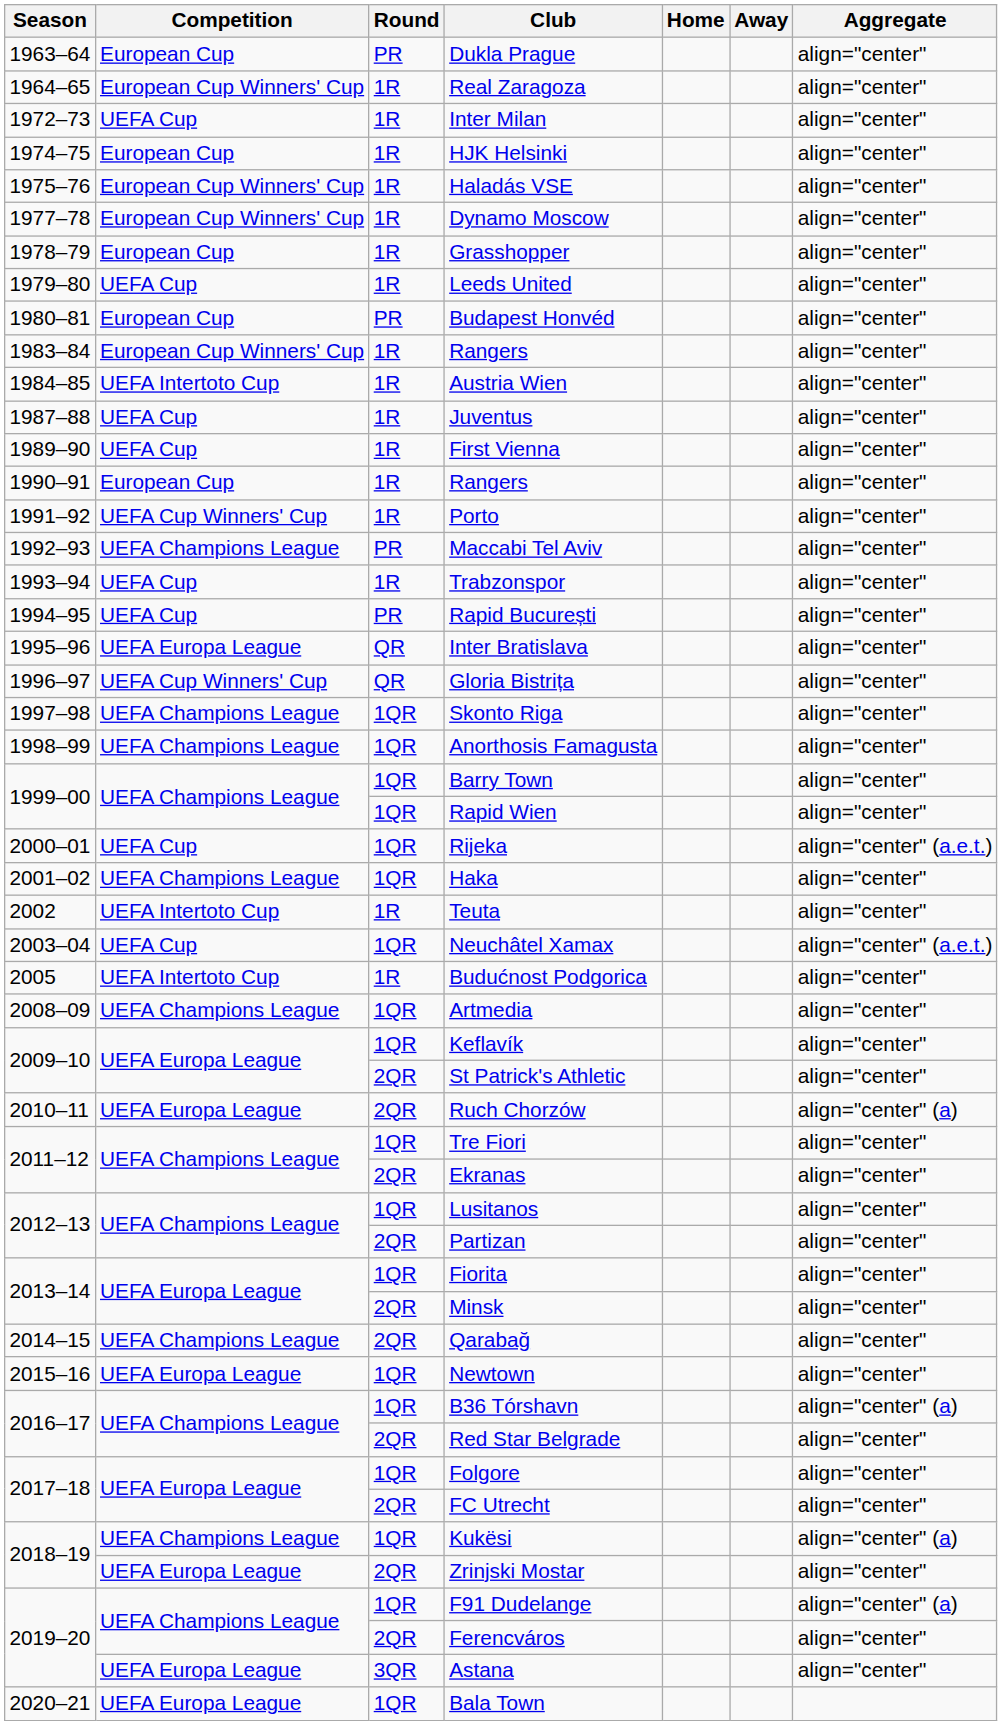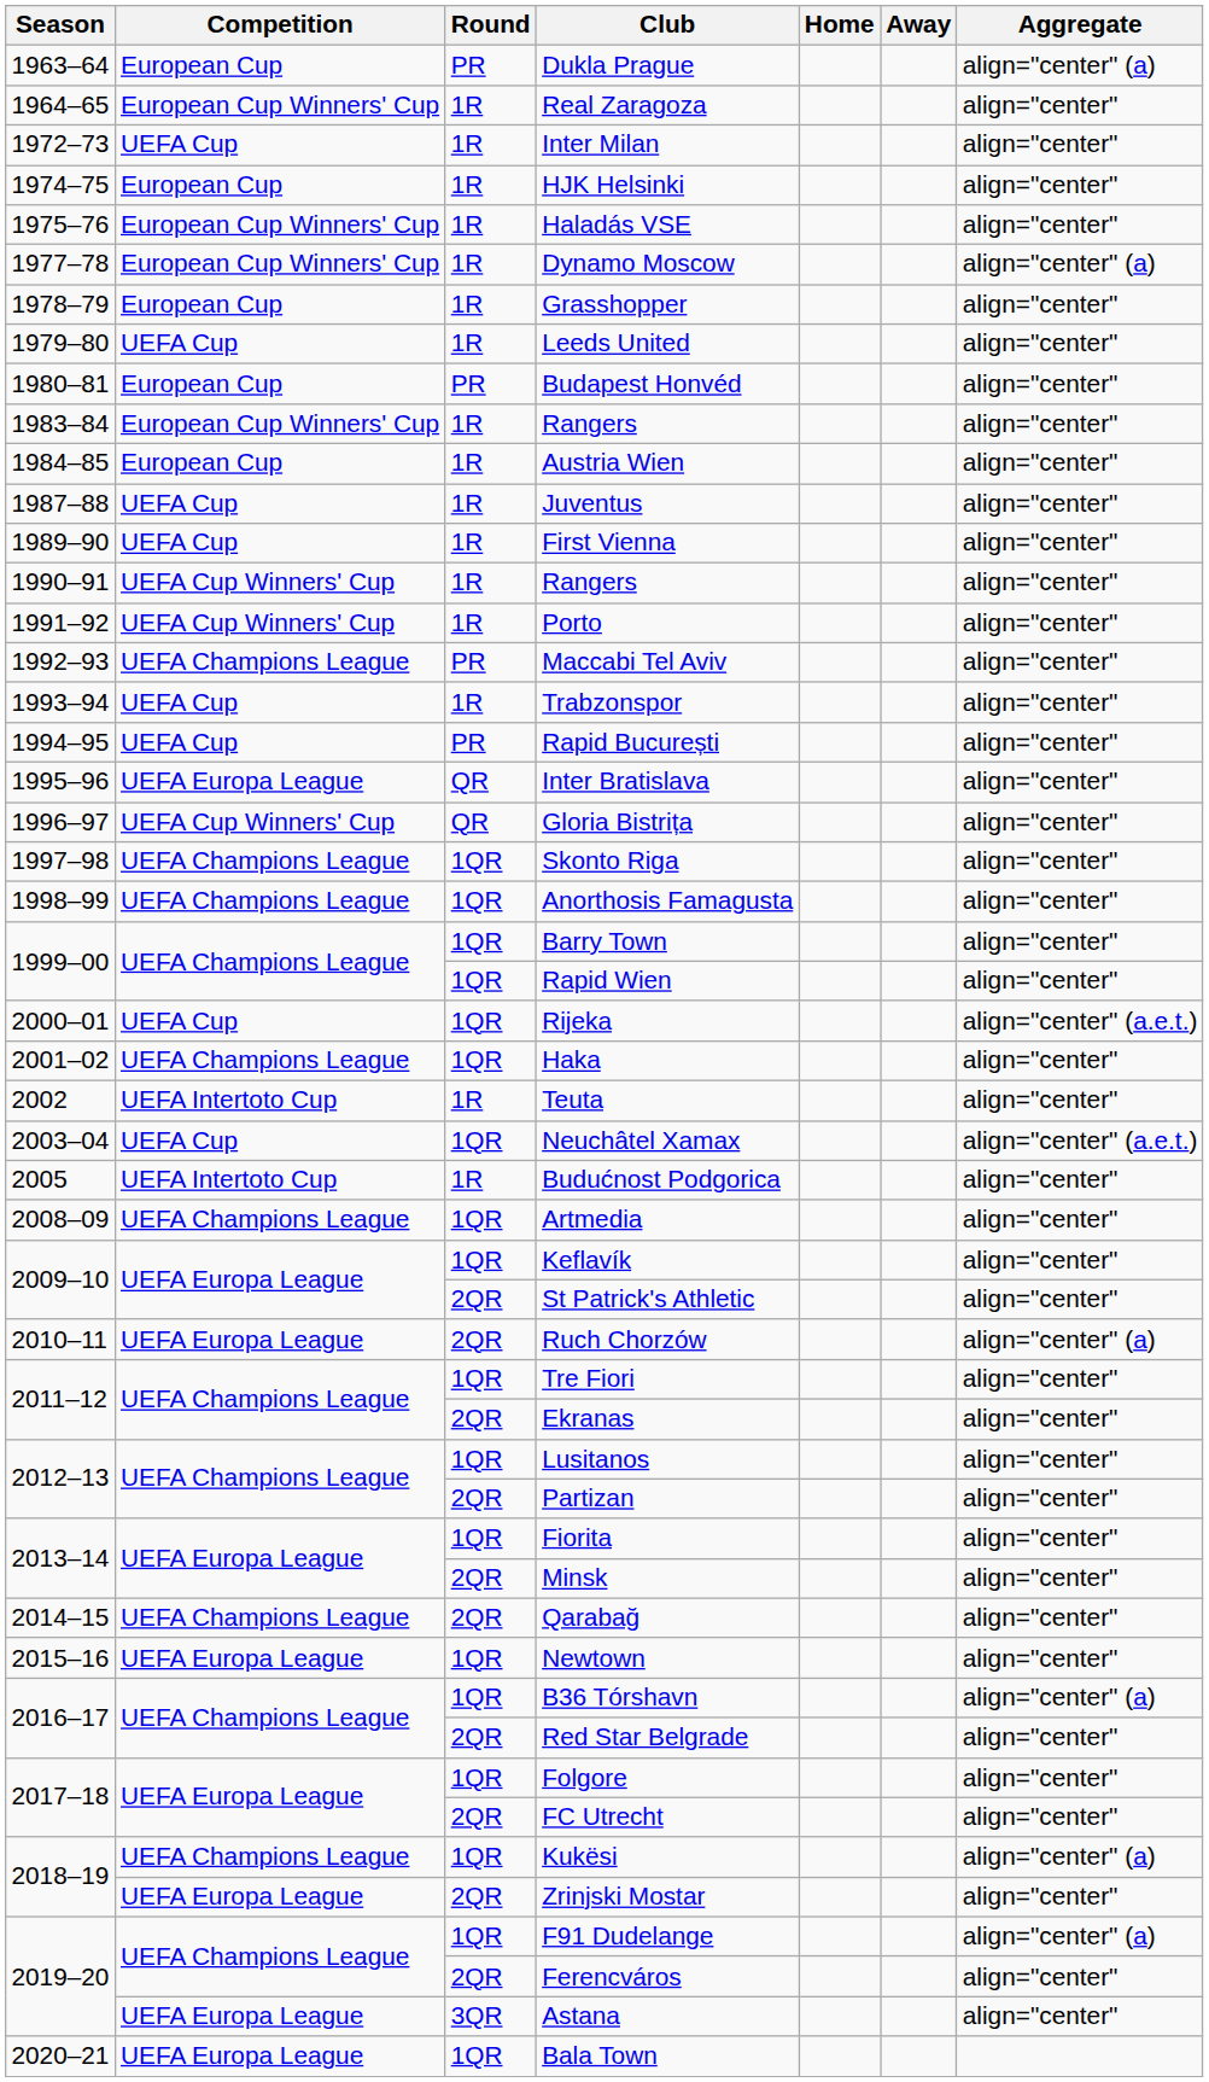 <table class="wikitable">
 <tr>
 <th>Season</th>
 <th>Competition</th>
 <th>Round</th>
 <th>Club</th>
 <th>Home</th>
 <th>Away</th>
 <th>Aggregate</th>
 </tr>
 <tr>
 <td>1963–64</td>
 <td><a href='#'>European Cup</a></td>
 <td><a href='#'>PR</a></td>
 <td> <a href='#'>Dukla Prague</a></td>
 <td></td>
 <td></td>
-<td>align="center"</td>
+<td>align="center" (<a href='#'>a</a>)</td>
 </tr>
 <tr>
 <td>1964–65</td>
 <td><a href='#'>European Cup Winners' Cup</a></td>
 <td><a href='#'>1R</a></td>
 <td> <a href='#'>Real Zaragoza</a></td>
 <td></td>
 <td></td>
 <td>align="center"</td>
 </tr>
 <tr>
 <td>1972–73</td>
 <td><a href='#'>UEFA Cup</a></td>
 <td><a href='#'>1R</a></td>
 <td> <a href='#'>Inter Milan</a></td>
 <td></td>
 <td></td>
 <td>align="center"</td>
 </tr>
 <tr>
 <td>1974–75</td>
 <td><a href='#'>European Cup</a></td>
 <td><a href='#'>1R</a></td>
 <td> <a href='#'>HJK Helsinki</a></td>
 <td></td>
 <td></td>
 <td>align="center"</td>
 </tr>
 <tr>
 <td>1975–76</td>
 <td><a href='#'>European Cup Winners' Cup</a></td>
 <td><a href='#'>1R</a></td>
 <td> <a href='#'>Haladás VSE</a></td>
 <td></td>
 <td></td>
 <td>align="center"</td>
 </tr>
 <tr>
 <td>1977–78</td>
 <td><a href='#'>European Cup Winners' Cup</a></td>
 <td><a href='#'>1R</a></td>
 <td> <a href='#'>Dynamo Moscow</a></td>
 <td></td>
 <td></td>
-<td>align="center"</td>
+<td>align="center" (<a href='#'>a</a>)</td>
 </tr>
 <tr>
 <td>1978–79</td>
 <td><a href='#'>European Cup</a></td>
 <td><a href='#'>1R</a></td>
 <td> <a href='#'>Grasshopper</a></td>
 <td></td>
 <td></td>
 <td>align="center"</td>
 </tr>
 <tr>
 <td>1979–80</td>
 <td><a href='#'>UEFA Cup</a></td>
 <td><a href='#'>1R</a></td>
 <td> <a href='#'>Leeds United</a></td>
 <td></td>
 <td></td>
 <td>align="center"</td>
 </tr>
 <tr>
 <td>1980–81</td>
 <td><a href='#'>European Cup</a></td>
 <td><a href='#'>PR</a></td>
 <td> <a href='#'>Budapest Honvéd</a></td>
 <td></td>
 <td></td>
 <td>align="center"</td>
 </tr>
 <tr>
 <td>1983–84</td>
 <td><a href='#'>European Cup Winners' Cup</a></td>
 <td><a href='#'>1R</a></td>
 <td> <a href='#'>Rangers</a></td>
 <td></td>
 <td></td>
 <td>align="center"</td>
 </tr>
 <tr>
 <td>1984–85</td>
-<td><a href='#'>UEFA Intertoto Cup</a></td>
+<td><a href='#'>European Cup</a></td>
 <td><a href='#'>1R</a></td>
 <td> <a href='#'>Austria Wien</a></td>
 <td></td>
 <td></td>
 <td>align="center"</td>
 </tr>
 <tr>
 <td>1987–88</td>
 <td><a href='#'>UEFA Cup</a></td>
 <td><a href='#'>1R</a></td>
 <td> <a href='#'>Juventus</a></td>
 <td></td>
 <td></td>
 <td>align="center"</td>
 </tr>
 <tr>
 <td>1989–90</td>
 <td><a href='#'>UEFA Cup</a></td>
 <td><a href='#'>1R</a></td>
 <td> <a href='#'>First Vienna</a></td>
 <td></td>
 <td></td>
 <td>align="center"</td>
 </tr>
 <tr>
 <td>1990–91</td>
-<td><a href='#'>European Cup</a></td>
+<td><a href='#'>UEFA Cup Winners' Cup</a></td>
 <td><a href='#'>1R</a></td>
 <td> <a href='#'>Rangers</a></td>
 <td></td>
 <td></td>
 <td>align="center"</td>
 </tr>
 <tr>
 <td>1991–92</td>
 <td><a href='#'>UEFA Cup Winners' Cup</a></td>
 <td><a href='#'>1R</a></td>
 <td> <a href='#'>Porto</a></td>
 <td></td>
 <td></td>
 <td>align="center"</td>
 </tr>
 <tr>
 <td>1992–93</td>
 <td><a href='#'>UEFA Champions League</a></td>
 <td><a href='#'>PR</a></td>
 <td> <a href='#'>Maccabi Tel Aviv</a></td>
 <td></td>
 <td></td>
 <td>align="center"</td>
 </tr>
 <tr>
 <td>1993–94</td>
 <td><a href='#'>UEFA Cup</a></td>
 <td><a href='#'>1R</a></td>
 <td> <a href='#'>Trabzonspor</a></td>
 <td></td>
 <td></td>
 <td>align="center"</td>
 </tr>
 <tr>
 <td>1994–95</td>
 <td><a href='#'>UEFA Cup</a></td>
 <td><a href='#'>PR</a></td>
 <td> <a href='#'>Rapid București</a></td>
 <td></td>
 <td></td>
 <td>align="center"</td>
 </tr>
 <tr>
 <td>1995–96</td>
 <td><a href='#'>UEFA Europa League</a></td>
 <td><a href='#'>QR</a></td>
 <td> <a href='#'>Inter Bratislava</a></td>
 <td></td>
 <td></td>
 <td>align="center"</td>
 </tr>
 <tr>
 <td>1996–97</td>
 <td><a href='#'>UEFA Cup Winners' Cup</a></td>
 <td><a href='#'>QR</a></td>
 <td> <a href='#'>Gloria Bistrița</a></td>
 <td></td>
 <td></td>
 <td>align="center"</td>
 </tr>
 <tr>
 <td>1997–98</td>
 <td><a href='#'>UEFA Champions League</a></td>
 <td><a href='#'>1QR</a></td>
 <td> <a href='#'>Skonto Riga</a></td>
 <td></td>
 <td></td>
 <td>align="center"</td>
 </tr>
 <tr>
 <td>1998–99</td>
 <td><a href='#'>UEFA Champions League</a></td>
 <td><a href='#'>1QR</a></td>
 <td> <a href='#'>Anorthosis Famagusta</a></td>
 <td></td>
 <td></td>
 <td>align="center"</td>
 </tr>
 <tr>
 <td rowspan="2">1999–00</td>
 <td rowspan="2"><a href='#'>UEFA Champions League</a></td>
 <td><a href='#'>1QR</a></td>
 <td> <a href='#'>Barry Town</a></td>
 <td></td>
 <td></td>
 <td>align="center"</td>
 </tr>
 <tr>
 <td><a href='#'>1QR</a></td>
 <td> <a href='#'>Rapid Wien</a></td>
 <td></td>
 <td></td>
 <td>align="center"</td>
 </tr>
 <tr>
 <td>2000–01</td>
 <td><a href='#'>UEFA Cup</a></td>
 <td><a href='#'>1QR</a></td>
 <td> <a href='#'>Rijeka</a></td>
 <td></td>
 <td></td>
 <td>align="center" (<a href='#'>a.e.t.</a>)</td>
 </tr>
 <tr>
 <td>2001–02</td>
 <td><a href='#'>UEFA Champions League</a></td>
 <td><a href='#'>1QR</a></td>
 <td> <a href='#'>Haka</a></td>
 <td></td>
 <td></td>
 <td>align="center"</td>
 </tr>
 <tr>
 <td>2002</td>
 <td><a href='#'>UEFA Intertoto Cup</a></td>
 <td><a href='#'>1R</a></td>
 <td> <a href='#'>Teuta</a></td>
 <td></td>
 <td></td>
 <td>align="center"</td>
 </tr>
 <tr>
 <td>2003–04</td>
 <td><a href='#'>UEFA Cup</a></td>
 <td><a href='#'>1QR</a></td>
 <td> <a href='#'>Neuchâtel Xamax</a></td>
 <td></td>
 <td></td>
 <td>align="center" (<a href='#'>a.e.t.</a>)</td>
 </tr>
 <tr>
 <td>2005</td>
 <td><a href='#'>UEFA Intertoto Cup</a></td>
 <td><a href='#'>1R</a></td>
 <td> <a href='#'>Budućnost Podgorica</a></td>
 <td></td>
 <td></td>
 <td>align="center"</td>
 </tr>
 <tr>
 <td>2008–09</td>
 <td><a href='#'>UEFA Champions League</a></td>
 <td><a href='#'>1QR</a></td>
 <td> <a href='#'>Artmedia</a></td>
 <td></td>
 <td></td>
 <td>align="center"</td>
 </tr>
 <tr>
 <td rowspan="2">2009–10</td>
 <td rowspan="2"><a href='#'>UEFA Europa League</a></td>
 <td><a href='#'>1QR</a></td>
 <td> <a href='#'>Keflavík</a></td>
 <td></td>
 <td></td>
 <td>align="center"</td>
 </tr>
 <tr>
 <td><a href='#'>2QR</a></td>
 <td> <a href='#'>St Patrick's Athletic</a></td>
 <td></td>
 <td></td>
 <td>align="center"</td>
 </tr>
 <tr>
 <td>2010–11</td>
 <td><a href='#'>UEFA Europa League</a></td>
 <td><a href='#'>2QR</a></td>
 <td> <a href='#'>Ruch Chorzów</a></td>
 <td></td>
 <td></td>
 <td>align="center" (<a href='#'>a</a>)</td>
 </tr>
 <tr>
 <td rowspan="2">2011–12</td>
 <td rowspan="2"><a href='#'>UEFA Champions League</a></td>
 <td><a href='#'>1QR</a></td>
 <td> <a href='#'>Tre Fiori</a></td>
 <td></td>
 <td></td>
 <td>align="center"</td>
 </tr>
 <tr>
 <td><a href='#'>2QR</a></td>
 <td> <a href='#'>Ekranas</a></td>
 <td></td>
 <td></td>
 <td>align="center"</td>
 </tr>
 <tr>
 <td rowspan="2">2012–13</td>
 <td rowspan="2"><a href='#'>UEFA Champions League</a></td>
 <td><a href='#'>1QR</a></td>
 <td> <a href='#'>Lusitanos</a></td>
 <td></td>
 <td></td>
 <td>align="center"</td>
 </tr>
 <tr>
 <td><a href='#'>2QR</a></td>
 <td> <a href='#'>Partizan</a></td>
 <td></td>
 <td></td>
 <td>align="center"</td>
 </tr>
 <tr>
 <td rowspan="2">2013–14</td>
 <td rowspan="2"><a href='#'>UEFA Europa League</a></td>
 <td><a href='#'>1QR</a></td>
 <td> <a href='#'>Fiorita</a></td>
 <td></td>
 <td></td>
 <td>align="center"</td>
 </tr>
 <tr>
 <td><a href='#'>2QR</a></td>
 <td> <a href='#'>Minsk</a></td>
 <td></td>
 <td></td>
 <td>align="center"</td>
 </tr>
 <tr>
 <td>2014–15</td>
 <td><a href='#'>UEFA Champions League</a></td>
 <td><a href='#'>2QR</a></td>
 <td> <a href='#'>Qarabağ</a></td>
 <td></td>
 <td></td>
 <td>align="center"</td>
 </tr>
 <tr>
 <td>2015–16</td>
 <td><a href='#'>UEFA Europa League</a></td>
 <td><a href='#'>1QR</a></td>
 <td> <a href='#'>Newtown</a></td>
 <td></td>
 <td></td>
 <td>align="center"</td>
 </tr>
 <tr>
 <td rowspan="2">2016–17</td>
 <td rowspan="2"><a href='#'>UEFA Champions League</a></td>
 <td><a href='#'>1QR</a></td>
 <td> <a href='#'>B36 Tórshavn</a></td>
 <td></td>
 <td></td>
 <td>align="center" (<a href='#'>a</a>)</td>
 </tr>
 <tr>
 <td><a href='#'>2QR</a></td>
 <td> <a href='#'>Red Star Belgrade</a></td>
 <td></td>
 <td></td>
 <td>align="center"</td>
 </tr>
 <tr>
 <td rowspan="2">2017–18</td>
 <td rowspan="2"><a href='#'>UEFA Europa League</a></td>
 <td><a href='#'>1QR</a></td>
 <td> <a href='#'>Folgore</a></td>
 <td></td>
 <td></td>
 <td>align="center"</td>
 </tr>
 <tr>
 <td><a href='#'>2QR</a></td>
 <td> <a href='#'>FC Utrecht</a></td>
 <td></td>
 <td></td>
 <td>align="center"</td>
 </tr>
 <tr>
 <td rowspan="2">2018–19</td>
 <td><a href='#'>UEFA Champions League</a></td>
 <td><a href='#'>1QR</a></td>
 <td> <a href='#'>Kukësi</a></td>
 <td></td>
 <td></td>
 <td>align="center" (<a href='#'>a</a>)</td>
 </tr>
 <tr>
 <td><a href='#'>UEFA Europa League</a></td>
 <td><a href='#'>2QR</a></td>
 <td> <a href='#'>Zrinjski Mostar</a></td>
 <td></td>
 <td></td>
 <td>align="center"</td>
 </tr>
 <tr>
 <td rowspan="3">2019–20</td>
 <td rowspan="2"><a href='#'>UEFA Champions League</a></td>
 <td><a href='#'>1QR</a></td>
 <td> <a href='#'>F91 Dudelange</a></td>
 <td></td>
 <td></td>
 <td>align="center" (<a href='#'>a</a>)</td>
 </tr>
 <tr>
 <td><a href='#'>2QR</a></td>
 <td> <a href='#'>Ferencváros</a></td>
 <td></td>
 <td></td>
 <td>align="center"</td>
 </tr>
 <tr>
 <td><a href='#'>UEFA Europa League</a></td>
 <td><a href='#'>3QR</a></td>
 <td> <a href='#'>Astana</a></td>
 <td></td>
 <td></td>
 <td>align="center"</td>
 </tr>
 <tr>
 <td>2020–21</td>
 <td><a href='#'>UEFA Europa League</a></td>
 <td><a href='#'>1QR</a></td>
 <td> <a href='#'>Bala Town</a></td>
 <td></td>
 <td></td>
 <td></td>
 </tr>
 </table>
